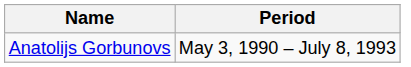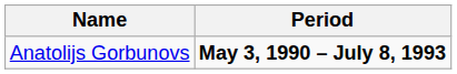 <table class="wikitable">
 <tr>
 <th>Name</th>
 <th>Period</th>
 </tr>
 <tr>
 <td><a href='#'>Anatolijs Gorbunovs</a></td>
-<td>May 3, 1990 – July 8, 1993</td>
+<td><strong>May 3, 1990 – July 8, 1993</strong></td>
 </tr>
 </table>
